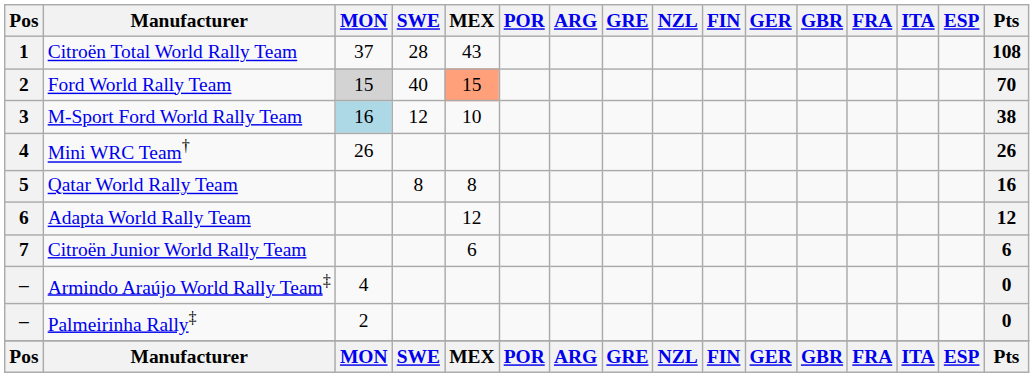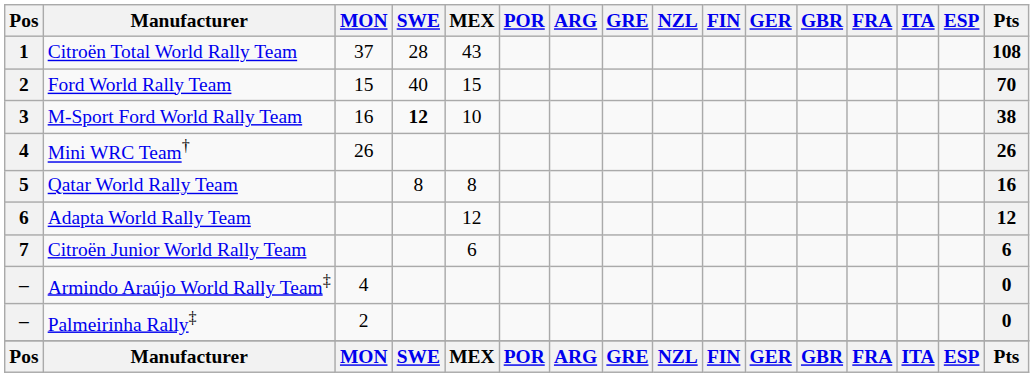 <table class="wikitable" style="text-align:center; font-size:85%;">
 <tr valign="top">
 <th valign="middle">Pos</th>
 <th valign="middle">Manufacturer</th>
 <th><a href='#'>MON</a><br></th>
 <th><a href='#'>SWE</a><br></th>
 <th>MEX<br></th>
 <th><a href='#'>POR</a><br></th>
 <th><a href='#'>ARG</a><br></th>
 <th><a href='#'>GRE</a><br></th>
 <th><a href='#'>NZL</a><br></th>
 <th><a href='#'>FIN</a><br></th>
 <th><a href='#'>GER</a><br></th>
 <th><a href='#'>GBR</a><br></th>
 <th><a href='#'>FRA</a><br></th>
 <th><a href='#'>ITA</a><br></th>
 <th><a href='#'>ESP</a><br></th>
 <th valign="middle"> Pts </th>
 </tr>
 <tr>
 <th>1</th>
 <td align="left"> <a href='#'>Citroën Total World Rally Team</a></td>
 <td>37</td>
 <td>28</td>
 <td>43</td>
 <td></td>
 <td></td>
 <td></td>
 <td></td>
 <td></td>
 <td></td>
 <td></td>
 <td></td>
 <td></td>
 <td></td>
 <th>108</th>
 </tr>
 <tr>
 <th>2</th>
 <td align="left"> <a href='#'>Ford World Rally Team</a></td>
-<td style="background: lightgrey;">15</td>
+<td>15</td>
 <td>40</td>
-<td style="background: lightsalmon;">15</td>
+<td>15</td>
 <td></td>
 <td></td>
 <td></td>
 <td></td>
 <td></td>
 <td></td>
 <td></td>
 <td></td>
 <td></td>
 <td></td>
 <th>70</th>
 </tr>
 <tr>
 <th>3</th>
 <td align="left"> <a href='#'>M-Sport Ford World Rally Team</a></td>
-<td style="background: lightblue;">16</td>
-<td>12</td>
+<td>16</td>
+<td><strong>12</strong></td>
 <td>10</td>
 <td></td>
 <td></td>
 <td></td>
 <td></td>
 <td></td>
 <td></td>
 <td></td>
 <td></td>
 <td></td>
 <td></td>
 <th>38</th>
 </tr>
 <tr>
 <th>4</th>
 <td align="left"> <a href='#'>Mini WRC Team</a><sup>†</sup></td>
 <td>26</td>
 <td></td>
 <td></td>
 <td></td>
 <td></td>
 <td></td>
 <td></td>
 <td></td>
 <td></td>
 <td></td>
 <td></td>
 <td></td>
 <td></td>
 <th>26</th>
 </tr>
 <tr>
 <th>5</th>
 <td align="left"> <a href='#'>Qatar World Rally Team</a></td>
 <td></td>
 <td>8</td>
 <td>8</td>
 <td></td>
 <td></td>
 <td></td>
 <td></td>
 <td></td>
 <td></td>
 <td></td>
 <td></td>
 <td></td>
 <td></td>
 <th>16</th>
 </tr>
 <tr>
 <th>6</th>
 <td align="left"> <a href='#'>Adapta World Rally Team</a></td>
 <td></td>
 <td></td>
 <td>12</td>
 <td></td>
 <td></td>
 <td></td>
 <td></td>
 <td></td>
 <td></td>
 <td></td>
 <td></td>
 <td></td>
 <td></td>
 <th>12</th>
 </tr>
 <tr>
 <th>7</th>
 <td align="left"> <a href='#'>Citroën Junior World Rally Team</a></td>
 <td></td>
 <td></td>
 <td>6</td>
 <td></td>
 <td></td>
 <td></td>
 <td></td>
 <td></td>
 <td></td>
 <td></td>
 <td></td>
 <td></td>
 <td></td>
 <th>6</th>
 </tr>
 <tr>
 <th>–</th>
 <td align="left"> <a href='#'>Armindo Araújo World Rally Team</a><sup>‡</sup></td>
 <td>4</td>
 <td></td>
 <td></td>
 <td></td>
 <td></td>
 <td></td>
 <td></td>
 <td></td>
 <td></td>
 <td></td>
 <td></td>
 <td></td>
 <td></td>
 <th>0</th>
 </tr>
 <tr>
 <th>–</th>
 <td align="left"> <a href='#'>Palmeirinha Rally</a><sup>‡</sup></td>
 <td>2</td>
 <td></td>
 <td></td>
 <td></td>
 <td></td>
 <td></td>
 <td></td>
 <td></td>
 <td></td>
 <td></td>
 <td></td>
 <td></td>
 <td></td>
 <th>0</th>
 </tr>
 <tr>
 </tr>
 <tr valign="top">
 <th valign="middle">Pos</th>
 <th valign="middle">Manufacturer</th>
 <th><a href='#'>MON</a><br></th>
 <th><a href='#'>SWE</a><br></th>
 <th>MEX<br></th>
 <th><a href='#'>POR</a><br></th>
 <th><a href='#'>ARG</a><br></th>
 <th><a href='#'>GRE</a><br></th>
 <th><a href='#'>NZL</a><br></th>
 <th><a href='#'>FIN</a><br></th>
 <th><a href='#'>GER</a><br></th>
 <th><a href='#'>GBR</a><br></th>
 <th><a href='#'>FRA</a><br></th>
 <th><a href='#'>ITA</a><br></th>
 <th><a href='#'>ESP</a><br></th>
 <th valign="middle">Pts</th>
 </tr>
 </table>
